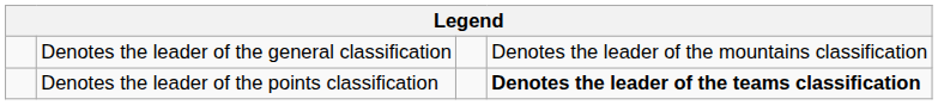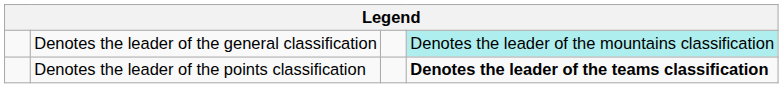 <table class="wikitable">
 <tr>
 <th colspan=4>Legend</th>
 </tr>
 <tr>
 <td>    </td>
 <td>Denotes the leader of the general classification</td>
 <td>    </td>
-<td>Denotes the leader of the mountains classification</td>
+<td style="background: paleturquoise;">Denotes the leader of the mountains classification</td>
 </tr>
 <tr>
 <td>    </td>
 <td>Denotes the leader of the points classification</td>
 <td>    </td>
 <td><strong>Denotes the leader of the teams classification</strong></td>
 </tr>
 </table>
